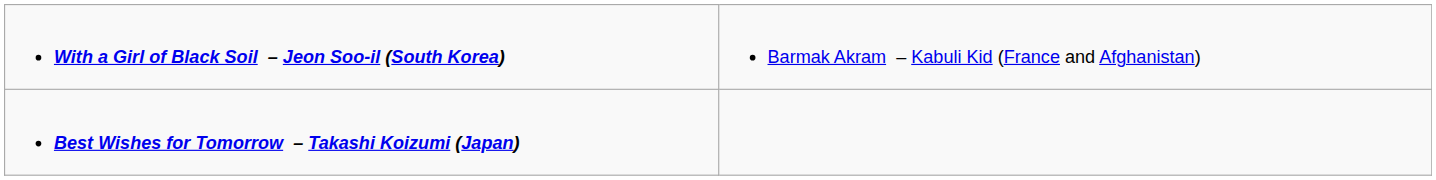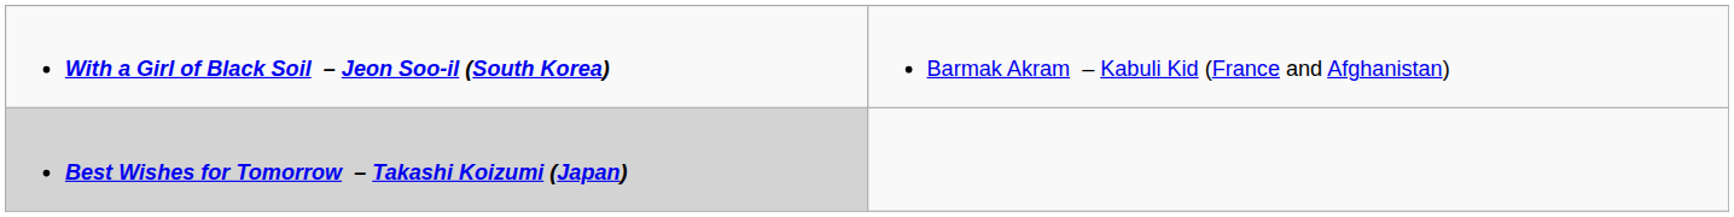 <table class=wikitable width="100%">
 <tr>
 <td valign="top" width="50%"><br><ul><li><strong><em><a href='#'>With a Girl of Black Soil</a><em>  – <a href='#'>Jeon Soo-il</a><strong> (<a href='#'>South Korea</a>)</li></ul></td>
 <td valign="top" width="50%"><br><ul><li></strong><a href='#'>Barmak Akram</a>  – </em><a href='#'>Kabuli Kid</a></em></strong> (<a href='#'>France</a> and <a href='#'>Afghanistan</a>)</li></ul></td>
 </tr>
 <tr>
-<td valign="top" width="50%"><br><ul><li><strong><em><a href='#'>Best Wishes for Tomorrow</a><em>  – <a href='#'>Takashi Koizumi</a><strong> (<a href='#'>Japan</a>)</li></ul></td>
+<td valign="top" width="50%" style="background: lightgrey;"><br><ul><li><strong><em><a href='#'>Best Wishes for Tomorrow</a><em>  – <a href='#'>Takashi Koizumi</a><strong> (<a href='#'>Japan</a>)</li></ul></td>
 </tr>
 </table>
